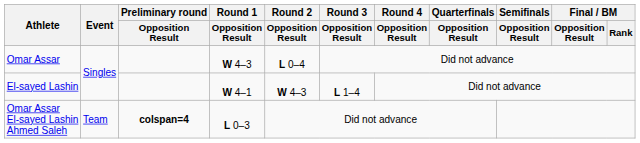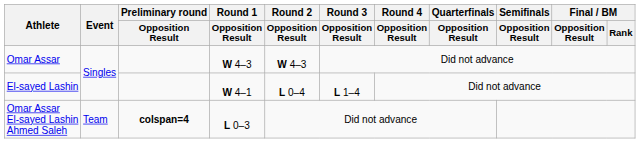 <table class="wikitable" style="font-size:90%">
 <tr>
 <th scope="col" rowspan=2>Athlete</th>
 <th scope="col" rowspan=2>Event</th>
 <th scope="col">Preliminary round</th>
 <th scope="col">Round 1</th>
 <th scope="col">Round 2</th>
 <th scope="col">Round 3</th>
 <th scope="col">Round 4</th>
 <th scope="col">Quarterfinals</th>
 <th scope="col">Semifinals</th>
 <th scope="col" colspan=2>Final / BM</th>
 </tr>
 <tr style="font-size:95%">
 <th scope="col">Opposition<br>Result</th>
 <th scope="col">Opposition<br>Result</th>
 <th scope="col">Opposition<br>Result</th>
 <th scope="col">Opposition<br>Result</th>
 <th scope="col">Opposition<br>Result</th>
 <th scope="col">Opposition<br>Result</th>
 <th scope="col">Opposition<br>Result</th>
 <th scope="col">Opposition<br>Result</th>
 <th scope="col">Rank</th>
 </tr>
 <tr align=center>
 <td align=left><a href='#'>Omar Assar</a></td>
 <td align=left rowspan=2><a href='#'>Singles</a></td>
 <td></td>
 <td><br><strong>W</strong> 4–3</td>
-<td><br><strong>L</strong> 0–4</td>
+<td><br><strong>W</strong> 4–3</td>
 <td colspan=6>Did not advance</td>
 </tr>
 <tr align=center>
 <td align=left><a href='#'>El-sayed Lashin</a></td>
 <td></td>
 <td><br><strong>W</strong> 4–1</td>
-<td><br><strong>W</strong> 4–3</td>
+<td><br><strong>L</strong> 0–4</td>
 <td><br><strong>L</strong> 1–4</td>
 <td colspan=5>Did not advance</td>
 </tr>
 <tr align=center>
 <td align=left><a href='#'>Omar Assar</a><br><a href='#'>El-sayed Lashin</a><br><a href='#'>Ahmed Saleh</a></td>
 <td align=left><a href='#'>Team</a></td>
 <td><strong>colspan=4 </strong></td>
 <td><br><strong>L</strong> 0–3</td>
 <td colspan=4>Did not advance</td>
 </tr>
 </table>
